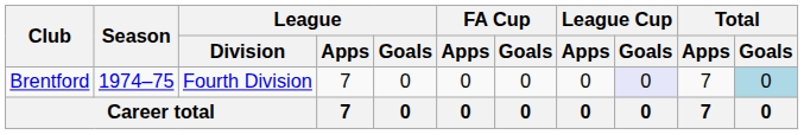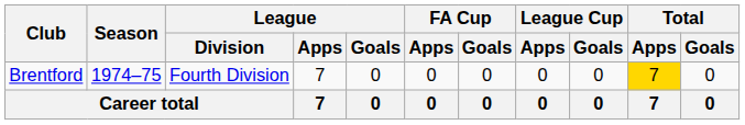 <table class="wikitable" style="text-align: center;">
 <tr>
 <th rowspan="2">Club</th>
 <th rowspan="2">Season</th>
 <th colspan="3">League</th>
 <th colspan="2">FA Cup</th>
 <th colspan="2">League Cup</th>
 <th colspan="2">Total</th>
 </tr>
 <tr>
 <th>Division</th>
 <th>Apps</th>
 <th>Goals</th>
 <th>Apps</th>
 <th>Goals</th>
 <th>Apps</th>
 <th>Goals</th>
 <th>Apps</th>
 <th>Goals</th>
 </tr>
 <tr>
 <td><a href='#'>Brentford</a></td>
 <td><a href='#'>1974–75</a></td>
 <td><a href='#'>Fourth Division</a></td>
 <td>7</td>
 <td>0</td>
 <td>0</td>
 <td>0</td>
 <td>0</td>
-<td style="background: lavender;">0</td>
-<td>7</td>
-<td style="background: lightblue;">0</td>
+<td>0</td>
+<td style="background: gold;">7</td>
+<td>0</td>
 </tr>
 <tr>
 <th colspan="3">Career total</th>
 <th>7</th>
 <th>0</th>
 <th>0</th>
 <th>0</th>
 <th>0</th>
 <th>0</th>
 <th>7</th>
 <th>0</th>
 </tr>
 </table>
